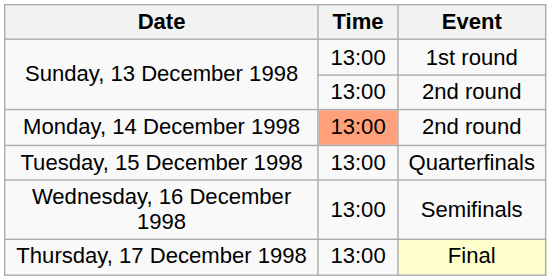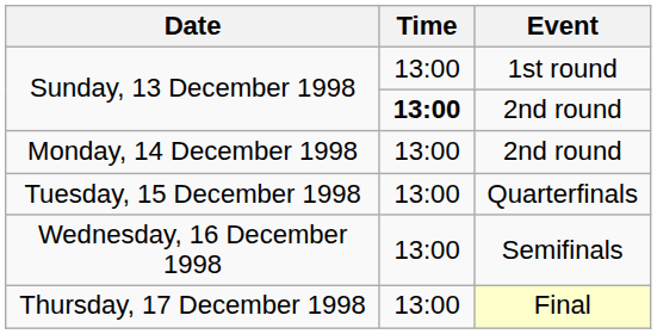 <table class = "wikitable" style="text-align:center;">
 <tr>
 <th width=220>Date</th>
 <th width=50>Time</th>
 <th width=100>Event</th>
 </tr>
 <tr>
 <td rowspan=2>Sunday, 13 December 1998</td>
 <td>13:00</td>
 <td>1st round</td>
 </tr>
 <tr>
-<td>13:00</td>
+<td><strong>13:00</strong></td>
 <td>2nd round</td>
 </tr>
 <tr>
 <td>Monday, 14 December 1998</td>
-<td style="background: lightsalmon;">13:00</td>
+<td>13:00</td>
 <td>2nd round</td>
 </tr>
 <tr>
 <td>Tuesday, 15 December 1998</td>
 <td>13:00</td>
 <td>Quarterfinals</td>
 </tr>
 <tr>
 <td>Wednesday, 16 December 1998</td>
 <td>13:00</td>
 <td>Semifinals</td>
 </tr>
 <tr>
 <td>Thursday, 17 December 1998</td>
 <td>13:00</td>
 <td bgcolor=ffffcc>Final</td>
 </tr>
 </table>
